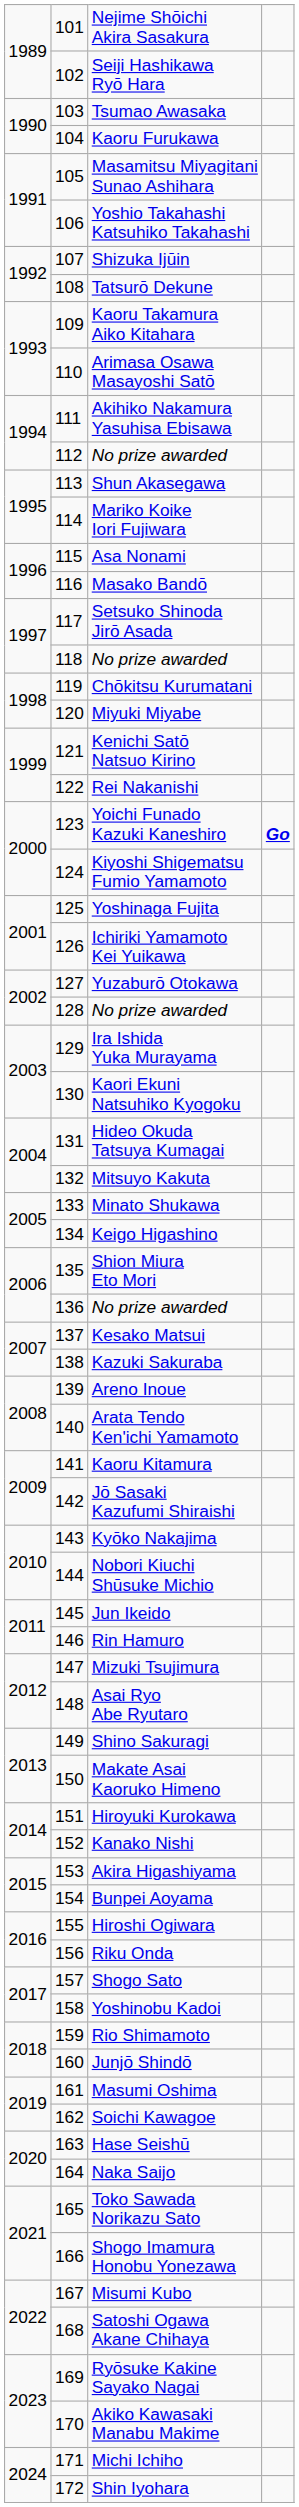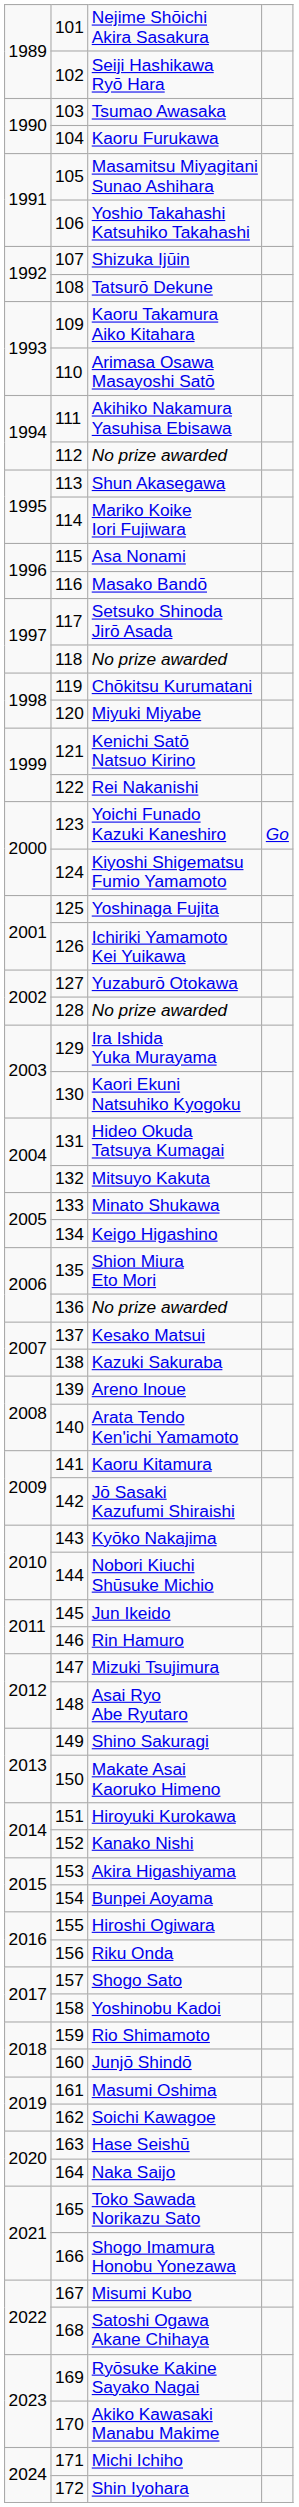 <table class='wikitable'>
 <tr>
 <td rowspan=2>1989</td>
 <td>101</td>
 <td><a href='#'>Nejime Shōichi</a><br><a href='#'>Akira Sasakura</a></td>
 <td><br></td>
 </tr>
 <tr>
 <td>102</td>
 <td><a href='#'>Seiji Hashikawa</a><br><a href='#'>Ryō Hara</a></td>
 <td><br></td>
 </tr>
 <tr>
 <td rowspan=2>1990</td>
 <td>103</td>
 <td><a href='#'>Tsumao Awasaka</a></td>
 <td></td>
 </tr>
 <tr>
 <td>104</td>
 <td><a href='#'>Kaoru Furukawa</a></td>
 <td></td>
 </tr>
 <tr>
 <td rowspan=2>1991</td>
 <td>105</td>
 <td><a href='#'>Masamitsu Miyagitani</a><br><a href='#'>Sunao Ashihara</a></td>
 <td><br></td>
 </tr>
 <tr>
 <td>106</td>
 <td><a href='#'>Yoshio Takahashi</a><br><a href='#'>Katsuhiko Takahashi</a></td>
 <td><br></td>
 </tr>
 <tr>
 <td rowspan=2>1992</td>
 <td>107</td>
 <td><a href='#'>Shizuka Ijūin</a></td>
 <td></td>
 </tr>
 <tr>
 <td>108</td>
 <td><a href='#'>Tatsurō Dekune</a></td>
 <td></td>
 </tr>
 <tr>
 <td rowspan=2>1993</td>
 <td>109</td>
 <td><a href='#'>Kaoru Takamura</a><br><a href='#'>Aiko Kitahara</a></td>
 <td><br></td>
 </tr>
 <tr>
 <td>110</td>
 <td><a href='#'>Arimasa Osawa</a><br><a href='#'>Masayoshi Satō</a></td>
 <td><br></td>
 </tr>
 <tr>
 <td rowspan=2>1994</td>
 <td>111</td>
 <td><a href='#'>Akihiko Nakamura</a><br><a href='#'>Yasuhisa Ebisawa</a></td>
 <td><br></td>
 </tr>
 <tr>
 <td>112</td>
 <td><em>No prize awarded</em></td>
 <td></td>
 </tr>
 <tr>
 <td rowspan=2>1995</td>
 <td>113</td>
 <td><a href='#'>Shun Akasegawa</a></td>
 <td></td>
 </tr>
 <tr>
 <td>114</td>
 <td><a href='#'>Mariko Koike</a><br><a href='#'>Iori Fujiwara</a></td>
 <td><br></td>
 </tr>
 <tr>
 <td rowspan=2>1996</td>
 <td>115</td>
 <td><a href='#'>Asa Nonami</a></td>
 <td></td>
 </tr>
 <tr>
 <td>116</td>
 <td><a href='#'>Masako Bandō</a></td>
 <td></td>
 </tr>
 <tr>
 <td rowspan=2>1997</td>
 <td>117</td>
 <td><a href='#'>Setsuko Shinoda</a><br><a href='#'>Jirō Asada</a></td>
 <td><br></td>
 </tr>
 <tr>
 <td>118</td>
 <td><em>No prize awarded</em></td>
 <td></td>
 </tr>
 <tr>
 <td rowspan=2>1998</td>
 <td>119</td>
 <td><a href='#'>Chōkitsu Kurumatani</a></td>
 <td></td>
 </tr>
 <tr>
 <td>120</td>
 <td><a href='#'>Miyuki Miyabe</a></td>
 <td></td>
 </tr>
 <tr>
 <td rowspan=2>1999</td>
 <td>121</td>
 <td><a href='#'>Kenichi Satō</a><br><a href='#'>Natsuo Kirino</a></td>
 <td><br></td>
 </tr>
 <tr>
 <td>122</td>
 <td><a href='#'>Rei Nakanishi</a></td>
 <td></td>
 </tr>
 <tr>
 <td rowspan='2'>2000</td>
 <td>123</td>
 <td><a href='#'>Yoichi Funado</a><br><a href='#'>Kazuki Kaneshiro</a></td>
-<td><strong><br><em><a href='#'>Go</a></em></strong></td>
+<td><br><em><a href='#'>Go</a></em></td>
 </tr>
 <tr>
 <td>124</td>
 <td><a href='#'>Kiyoshi Shigematsu</a><br><a href='#'>Fumio Yamamoto</a></td>
 <td><br></td>
 </tr>
 <tr>
 <td rowspan='2'>2001</td>
 <td>125</td>
 <td><a href='#'>Yoshinaga Fujita</a></td>
 <td></td>
 </tr>
 <tr>
 <td>126</td>
 <td><a href='#'>Ichiriki Yamamoto</a><br><a href='#'>Kei Yuikawa</a></td>
 <td><br></td>
 </tr>
 <tr>
 <td rowspan='2'>2002</td>
 <td>127</td>
 <td><a href='#'>Yuzaburō Otokawa</a></td>
 <td></td>
 </tr>
 <tr>
 <td>128</td>
 <td><em>No prize awarded</em></td>
 <td></td>
 </tr>
 <tr>
 <td rowspan=2>2003</td>
 <td>129</td>
 <td><a href='#'>Ira Ishida</a><br><a href='#'>Yuka Murayama</a></td>
 <td><br></td>
 </tr>
 <tr>
 <td>130</td>
 <td><a href='#'>Kaori Ekuni</a><br><a href='#'>Natsuhiko Kyogoku</a></td>
 <td><br></td>
 </tr>
 <tr>
 <td rowspan=2>2004</td>
 <td>131</td>
 <td><a href='#'>Hideo Okuda</a><br><a href='#'>Tatsuya Kumagai</a></td>
 <td><br></td>
 </tr>
 <tr>
 <td>132</td>
 <td><a href='#'>Mitsuyo Kakuta</a></td>
 <td></td>
 </tr>
 <tr>
 <td rowspan=2>2005</td>
 <td>133</td>
 <td><a href='#'>Minato Shukawa</a></td>
 <td></td>
 </tr>
 <tr>
 <td>134</td>
 <td><a href='#'>Keigo Higashino</a></td>
 <td></td>
 </tr>
 <tr>
 <td rowspan=2>2006</td>
 <td>135</td>
 <td><a href='#'>Shion Miura</a><br><a href='#'>Eto Mori</a></td>
 <td><br></td>
 </tr>
 <tr>
 <td>136</td>
 <td><em>No prize awarded</em></td>
 <td></td>
 </tr>
 <tr>
 <td rowspan=2>2007</td>
 <td>137</td>
 <td><a href='#'>Kesako Matsui</a></td>
 <td></td>
 </tr>
 <tr>
 <td>138</td>
 <td><a href='#'>Kazuki Sakuraba</a></td>
 <td></td>
 </tr>
 <tr>
 <td rowspan=2>2008</td>
 <td>139</td>
 <td><a href='#'>Areno Inoue</a></td>
 <td></td>
 </tr>
 <tr>
 <td>140</td>
 <td><a href='#'>Arata Tendo</a><br><a href='#'>Ken'ichi Yamamoto</a></td>
 <td><br></td>
 </tr>
 <tr>
 <td rowspan=2>2009</td>
 <td>141</td>
 <td><a href='#'>Kaoru Kitamura</a></td>
 <td></td>
 </tr>
 <tr>
 <td>142</td>
 <td><a href='#'>Jō Sasaki</a> <br> <a href='#'>Kazufumi Shiraishi</a></td>
 <td><br></td>
 </tr>
 <tr>
 <td rowspan=2>2010</td>
 <td>143</td>
 <td><a href='#'>Kyōko Nakajima</a></td>
 <td></td>
 </tr>
 <tr>
 <td>144</td>
 <td><a href='#'>Nobori Kiuchi</a><br><a href='#'>Shūsuke Michio</a></td>
 <td><br></td>
 </tr>
 <tr>
 <td rowspan=2>2011</td>
 <td>145</td>
 <td><a href='#'>Jun Ikeido</a></td>
 <td></td>
 </tr>
 <tr>
 <td>146</td>
 <td><a href='#'>Rin Hamuro</a></td>
 <td></td>
 </tr>
 <tr>
 <td rowspan=2>2012</td>
 <td>147</td>
 <td><a href='#'>Mizuki Tsujimura</a></td>
 <td></td>
 </tr>
 <tr>
 <td>148</td>
 <td><a href='#'>Asai Ryo</a><br><a href='#'>Abe Ryutaro</a></td>
 <td><br></td>
 </tr>
 <tr>
 <td rowspan=2>2013</td>
 <td>149</td>
 <td><a href='#'>Shino Sakuragi</a></td>
 <td></td>
 </tr>
 <tr>
 <td>150</td>
 <td><a href='#'>Makate Asai</a><br><a href='#'>Kaoruko Himeno</a></td>
 <td><br></td>
 </tr>
 <tr>
 <td rowspan=2>2014</td>
 <td>151</td>
 <td><a href='#'>Hiroyuki Kurokawa</a></td>
 <td></td>
 </tr>
 <tr>
 <td>152</td>
 <td><a href='#'>Kanako Nishi</a></td>
 <td></td>
 </tr>
 <tr>
 <td rowspan=2>2015</td>
 <td>153</td>
 <td><a href='#'>Akira Higashiyama</a></td>
 <td></td>
 </tr>
 <tr>
 <td>154</td>
 <td><a href='#'>Bunpei Aoyama</a></td>
 <td></td>
 </tr>
 <tr>
 <td rowspan=2>2016</td>
 <td>155</td>
 <td><a href='#'>Hiroshi Ogiwara</a></td>
 <td></td>
 </tr>
 <tr>
 <td>156</td>
 <td><a href='#'>Riku Onda</a></td>
 <td></td>
 </tr>
 <tr>
 <td rowspan=2>2017</td>
 <td>157</td>
 <td><a href='#'>Shogo Sato</a></td>
 <td></td>
 </tr>
 <tr>
 <td>158</td>
 <td><a href='#'>Yoshinobu Kadoi</a></td>
 <td></td>
 </tr>
 <tr>
 <td rowspan=2>2018</td>
 <td>159</td>
 <td><a href='#'>Rio Shimamoto</a></td>
 <td></td>
 </tr>
 <tr>
 <td>160</td>
 <td><a href='#'>Junjō Shindō</a></td>
 <td></td>
 </tr>
 <tr>
 <td rowspan=2>2019</td>
 <td>161</td>
 <td><a href='#'>Masumi Oshima</a></td>
 <td></td>
 </tr>
 <tr>
 <td>162</td>
 <td><a href='#'>Soichi Kawagoe</a></td>
 <td></td>
 </tr>
 <tr>
 <td rowspan=2>2020</td>
 <td>163</td>
 <td><a href='#'>Hase Seishū</a></td>
 <td></td>
 </tr>
 <tr>
 <td>164</td>
 <td><a href='#'>Naka Saijo</a></td>
 <td></td>
 </tr>
 <tr>
 <td rowspan=2>2021</td>
 <td>165</td>
 <td><a href='#'>Toko Sawada</a><br><a href='#'>Norikazu Sato</a></td>
 <td><br></td>
 </tr>
 <tr>
 <td>166</td>
 <td><a href='#'>Shogo Imamura</a><br><a href='#'>Honobu Yonezawa</a></td>
 <td><br></td>
 </tr>
 <tr>
 <td rowspan=2>2022</td>
 <td>167</td>
 <td><a href='#'>Misumi Kubo</a></td>
 <td></td>
 </tr>
 <tr>
 <td>168</td>
 <td><a href='#'>Satoshi Ogawa</a><br><a href='#'>Akane Chihaya</a></td>
 <td><br></td>
 </tr>
 <tr>
 <td rowspan=2>2023</td>
 <td>169</td>
 <td><a href='#'>Ryōsuke Kakine</a><br><a href='#'>Sayako Nagai</a></td>
 <td><br></td>
 </tr>
 <tr>
 <td>170</td>
 <td><a href='#'>Akiko Kawasaki</a><br><a href='#'>Manabu Makime</a></td>
 <td><br></td>
 </tr>
 <tr>
 <td rowspan=2>2024</td>
 <td>171</td>
 <td><a href='#'>Michi Ichiho</a></td>
 <td></td>
 </tr>
 <tr>
 <td>172</td>
 <td><a href='#'>Shin Iyohara</a></td>
 <td></td>
 </tr>
 <tr>
 </tr>
 </table>
